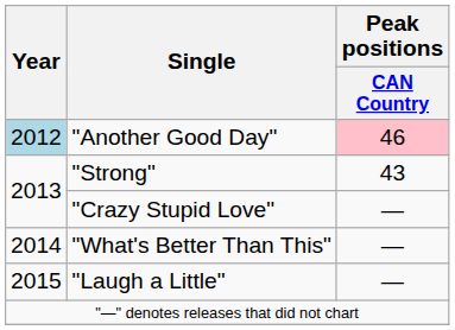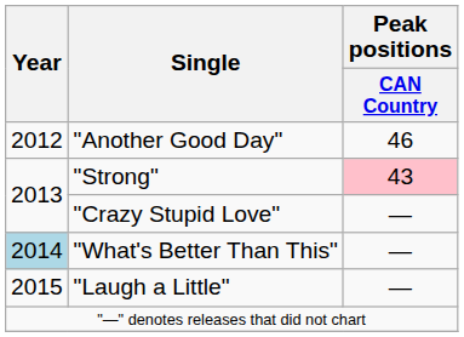 <table class="wikitable" style="text-align:center;">
 <tr>
 <th rowspan="2">Year</th>
 <th rowspan="2">Single</th>
 <th>Peak positions</th>
 </tr>
 <tr style="font-size:smaller;">
 <th width="65"><a href='#'>CAN Country</a><br></th>
 </tr>
 <tr>
-<td style="background: lightblue;">2012</td>
+<td>2012</td>
 <td align="left">"Another Good Day"</td>
-<td style="background: pink;">46</td>
+<td>46</td>
 </tr>
 <tr>
 <td rowspan="2">2013</td>
 <td align="left">"Strong"</td>
-<td>43</td>
+<td style="background: pink;">43</td>
 </tr>
 <tr>
 <td align="left">"Crazy Stupid Love"</td>
 <td>—</td>
 </tr>
 <tr>
-<td>2014</td>
+<td style="background: lightblue;">2014</td>
 <td align="left">"What's Better Than This"</td>
 <td>—</td>
 </tr>
 <tr>
 <td>2015</td>
 <td align="left">"Laugh a Little"</td>
 <td>—</td>
 </tr>
 <tr>
 <td colspan="3" style="font-size:8pt">"—" denotes releases that did not chart</td>
 </tr>
 <tr>
 </tr>
 </table>
